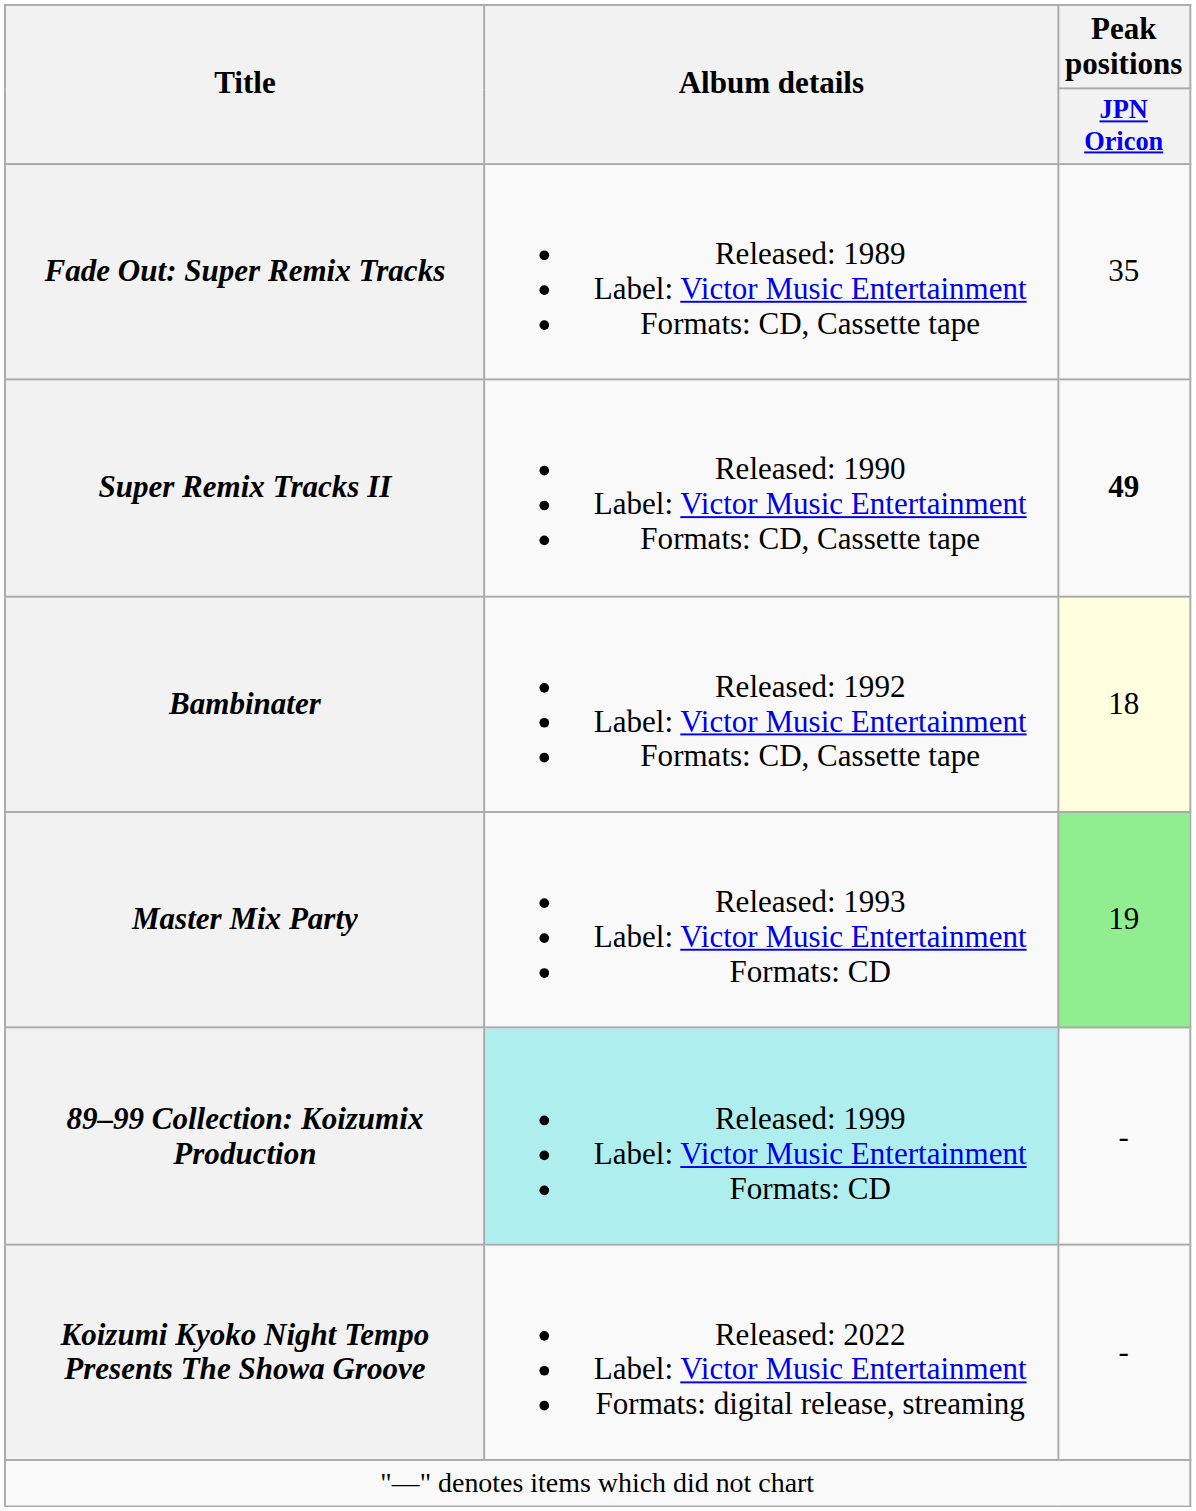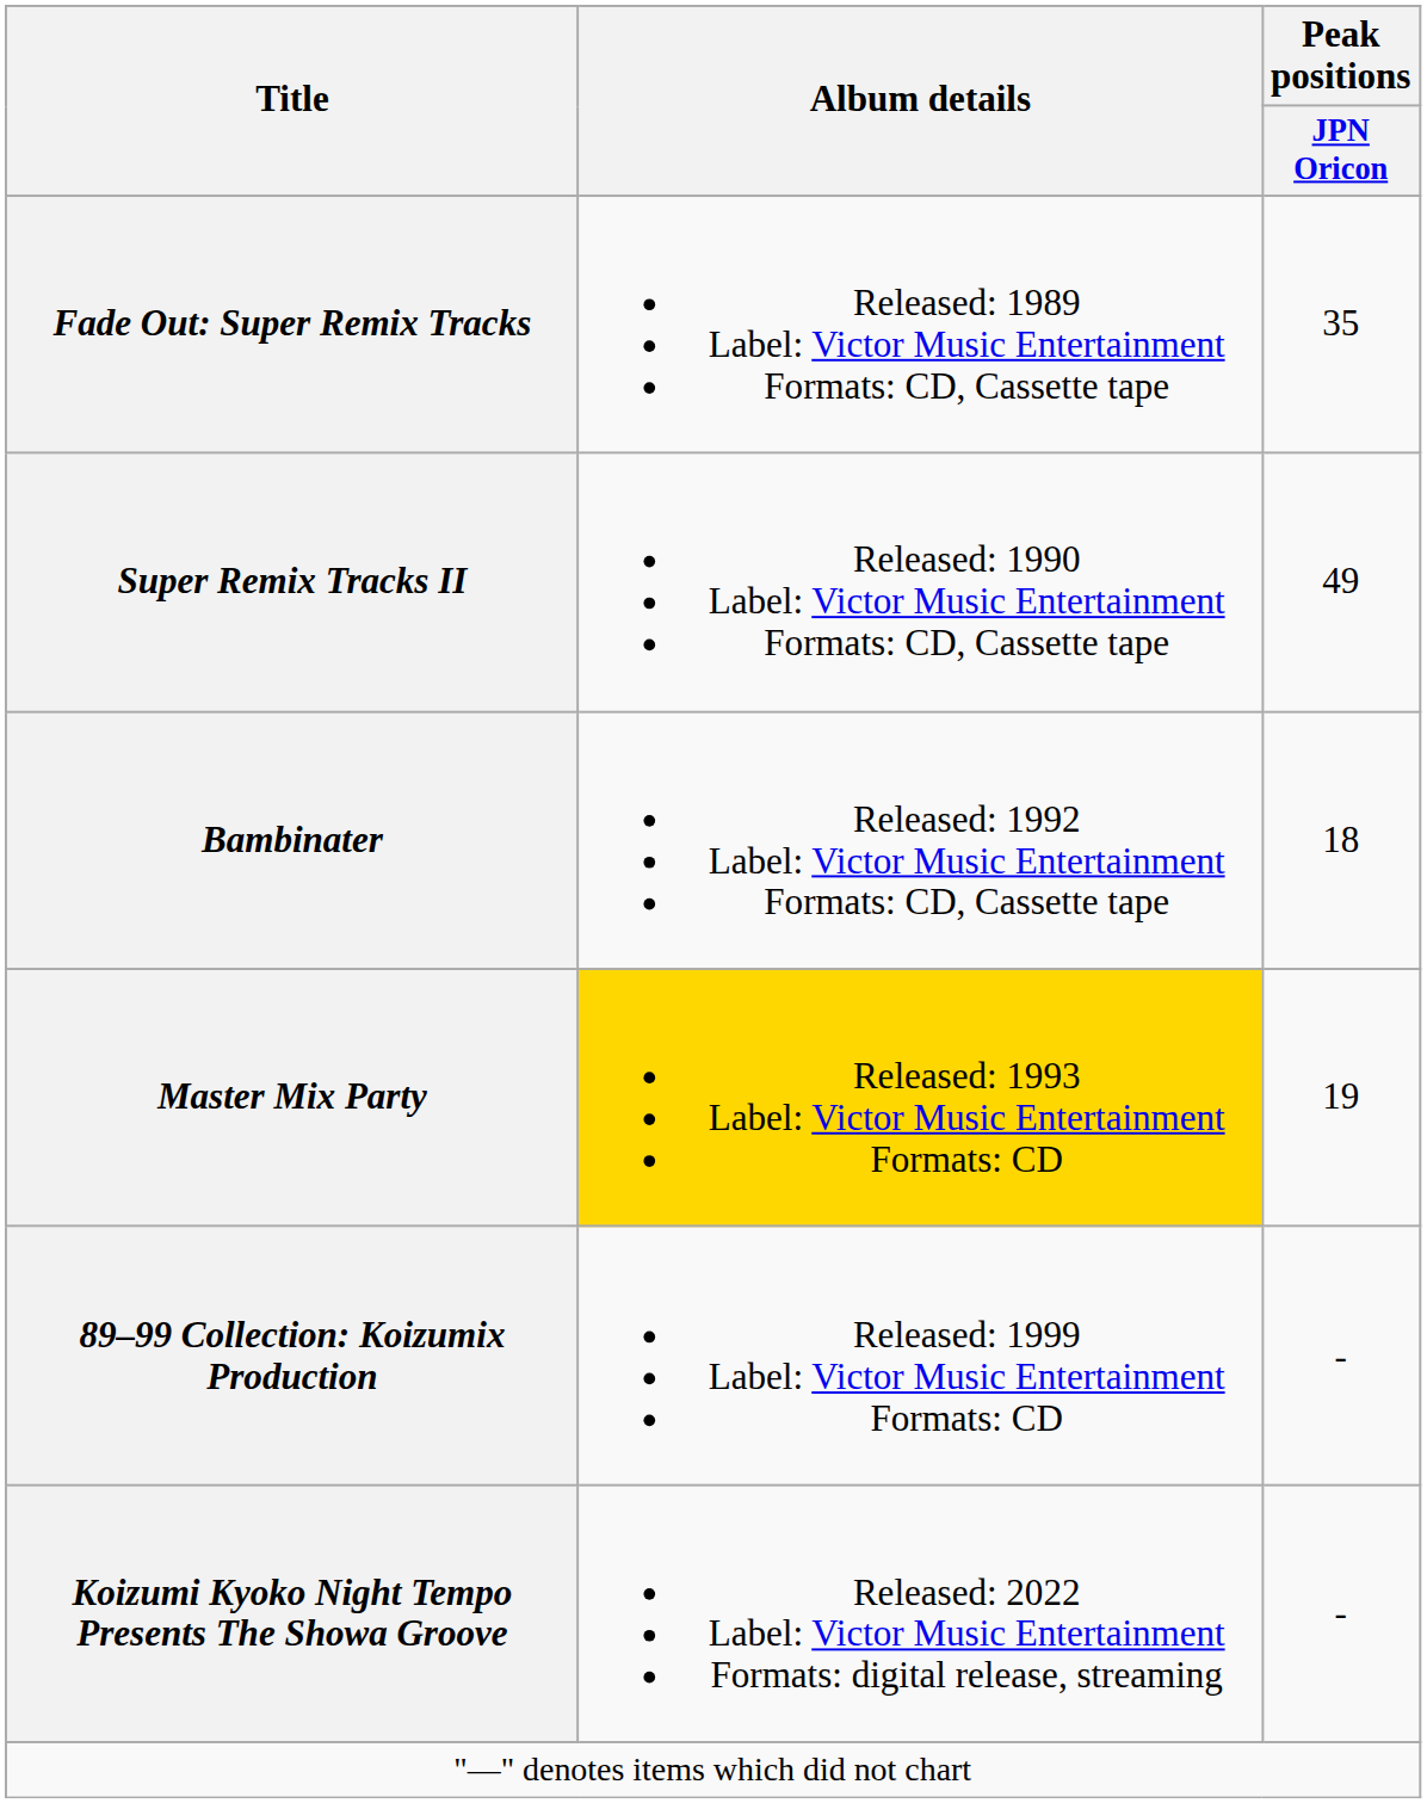 <table class="wikitable plainrowheaders" style="text-align:center;">
 <tr>
 <th style="width:15em;" rowspan="2">Title</th>
 <th style="width:18em;" rowspan="2">Album details</th>
 <th colspan="1">Peak positions</th>
 </tr>
 <tr>
 <th style="width:3em;font-size:85%"><a href='#'>JPN<br>Oricon</a><br></th>
 </tr>
 <tr>
 <th scope="row"><em>Fade Out: Super Remix Tracks</em></th>
 <td><br><ul><li>Released: 1989</li><li>Label: <a href='#'>Victor Music Entertainment</a></li><li>Formats: CD, Cassette tape</li></ul></td>
 <td>35</td>
 </tr>
 <tr>
 <th scope="row"><em>Super Remix Tracks II</em></th>
 <td><br><ul><li>Released: 1990</li><li>Label: <a href='#'>Victor Music Entertainment</a></li><li>Formats: CD, Cassette tape</li></ul></td>
-<td><strong>49</strong></td>
+<td>49</td>
 </tr>
 <tr>
 <th scope="row"><em>Bambinater</em></th>
 <td><br><ul><li>Released: 1992</li><li>Label: <a href='#'>Victor Music Entertainment</a></li><li>Formats: CD, Cassette tape</li></ul></td>
-<td style="background: lightyellow;">18</td>
+<td>18</td>
 </tr>
 <tr>
 <th scope="row"><em>Master Mix Party</em></th>
-<td><br><ul><li>Released: 1993</li><li>Label: <a href='#'>Victor Music Entertainment</a></li><li>Formats: CD</li></ul></td>
-<td style="background: lightgreen;">19</td>
+<td style="background: gold;"><br><ul><li>Released: 1993</li><li>Label: <a href='#'>Victor Music Entertainment</a></li><li>Formats: CD</li></ul></td>
+<td>19</td>
 </tr>
 <tr>
 <th scope="row"><em>89–99 Collection: Koizumix Production</em></th>
-<td style="background: paleturquoise;"><br><ul><li>Released: 1999</li><li>Label: <a href='#'>Victor Music Entertainment</a></li><li>Formats: CD</li></ul></td>
+<td><br><ul><li>Released: 1999</li><li>Label: <a href='#'>Victor Music Entertainment</a></li><li>Formats: CD</li></ul></td>
 <td>-</td>
 </tr>
 <tr>
 <th scope="row"><em>Koizumi Kyoko Night Tempo Presents The Showa Groove</em></th>
 <td><br><ul><li>Released: 2022</li><li>Label: <a href='#'>Victor Music Entertainment</a></li><li>Formats: digital release, streaming</li></ul></td>
 <td>-</td>
 </tr>
 <tr>
 <td colspan="11" align="center" style="font-size:90%;">"—" denotes items which did not chart</td>
 </tr>
 </table>
